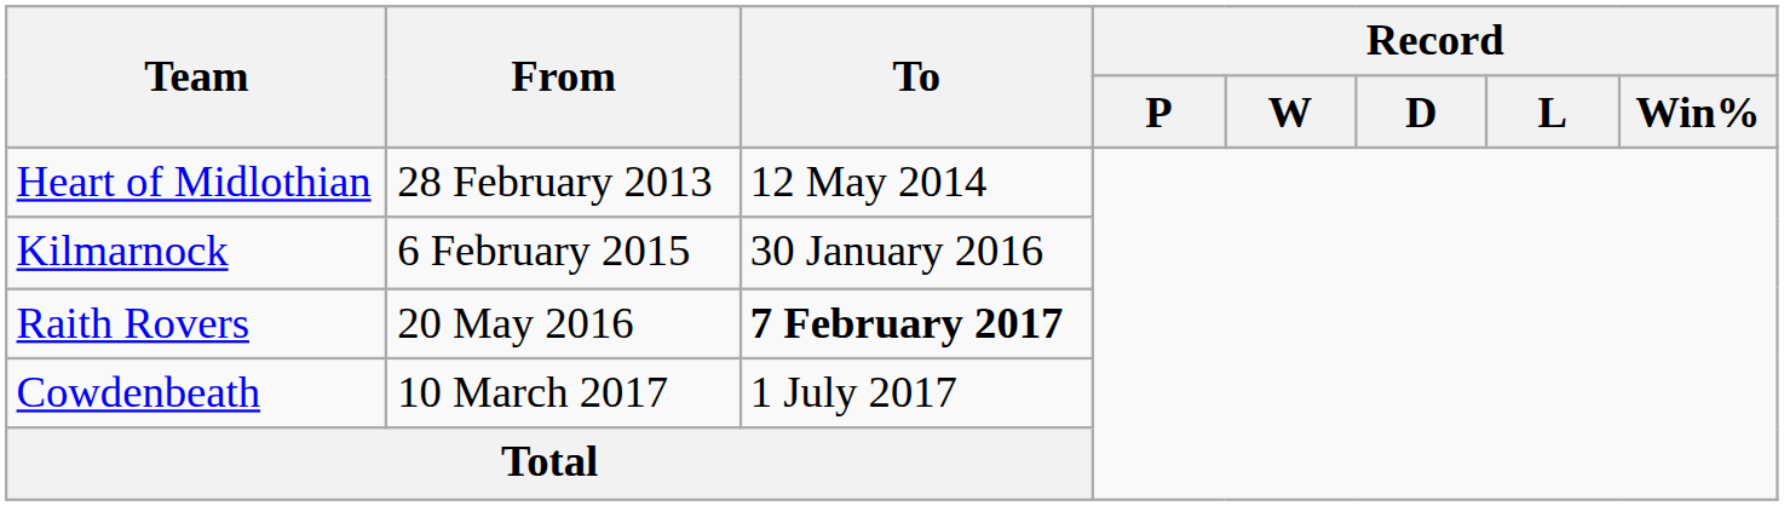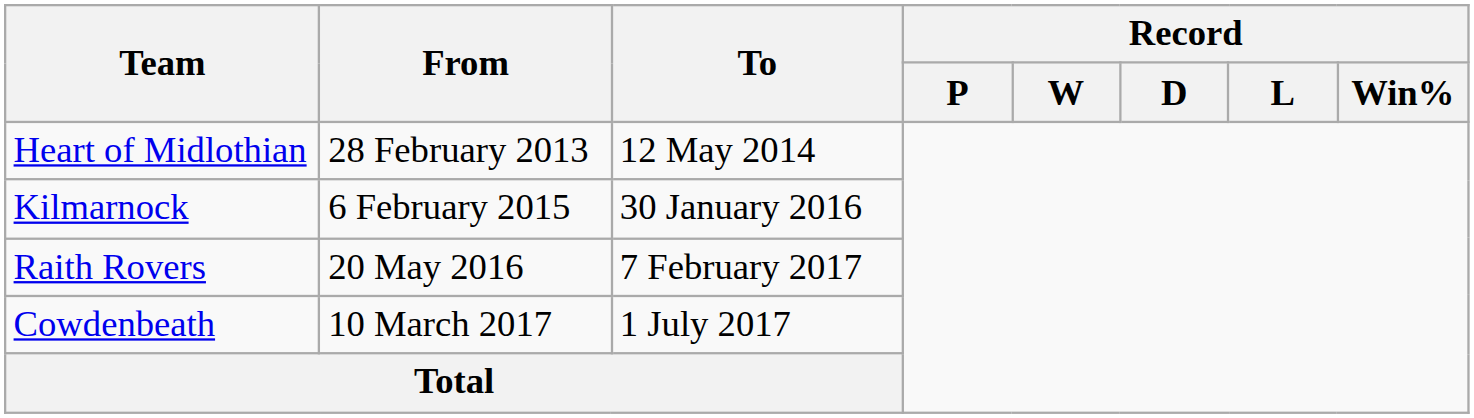 <table class=wikitable style=text-align:center>
 <tr>
 <th rowspan=2! width=130>Team</th>
 <th rowspan=2! width=120>From</th>
 <th rowspan=2! width=120>To</th>
 <th colspan=5>Record</th>
 </tr>
 <tr>
 <th width="40">P</th>
 <th width="40">W</th>
 <th width="40">D</th>
 <th width="40">L</th>
 <th width="50">Win%</th>
 </tr>
 <tr>
 <td align=left><a href='#'>Heart of Midlothian</a></td>
 <td align=left>28 February 2013</td>
 <td align=left>12 May 2014<br></td>
 </tr>
 <tr>
 <td align=left><a href='#'>Kilmarnock</a></td>
 <td align=left>6 February 2015</td>
 <td align=left>30 January 2016<br></td>
 </tr>
 <tr>
 <td align=left><a href='#'>Raith Rovers</a></td>
 <td align=left>20 May 2016</td>
-<td align=left><strong>7 February 2017<br></strong></td>
+<td align=left>7 February 2017<br></td>
 </tr>
 <tr>
 <td align=left><a href='#'>Cowdenbeath</a></td>
 <td align=left>10 March 2017</td>
 <td align=left>1 July 2017<br></td>
 </tr>
 <tr>
 <th colspan=3>Total<br></th>
 </tr>
 </table>
